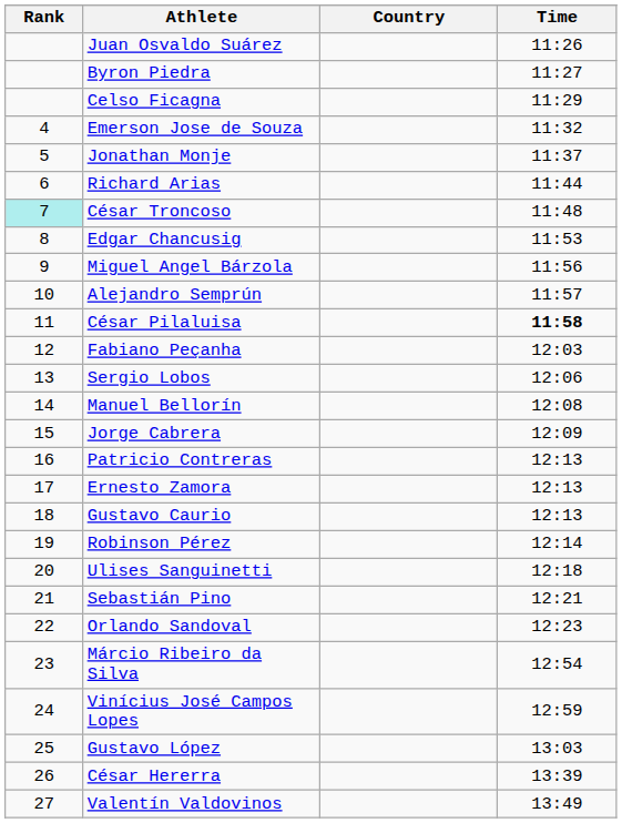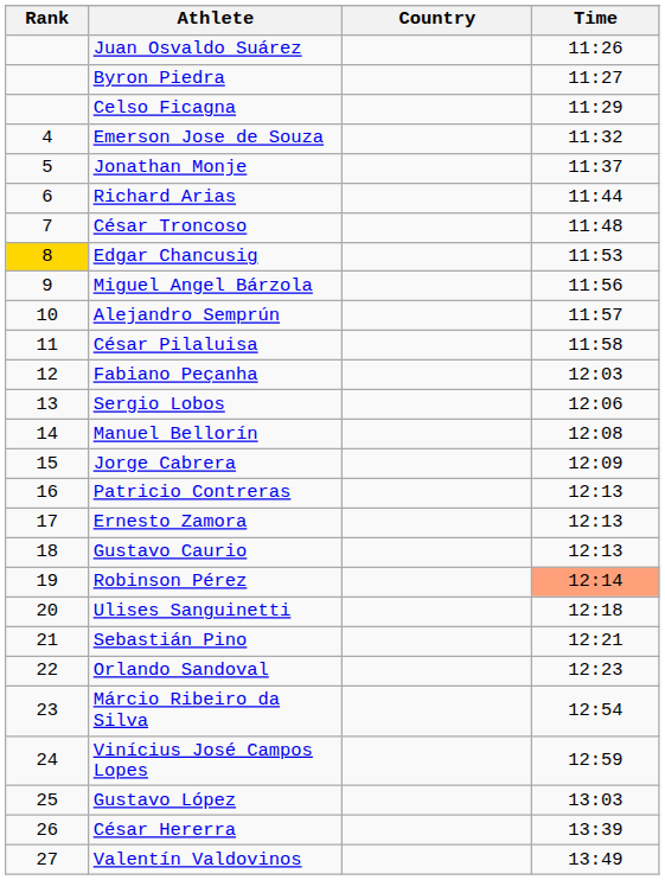 <table class="wikitable sortable" style=" text-align:center; font-size:95%;" width="50%">
 <tr>
 </tr>
 <tr>
 <th width=5%>Rank</th>
 <th width=20%>Athlete</th>
 <th width=15%>Country</th>
 <th width=10%>Time</th>
 </tr>
 <tr>
 <td align=center></td>
 <td align=left><a href='#'>Juan Osvaldo Suárez</a></td>
 <td align=left></td>
 <td>11:26</td>
 </tr>
 <tr>
 <td align=center></td>
 <td align=left><a href='#'>Byron Piedra</a></td>
 <td align=left></td>
 <td>11:27</td>
 </tr>
 <tr>
 <td align=center></td>
 <td align=left><a href='#'>Celso Ficagna</a></td>
 <td align=left></td>
 <td>11:29</td>
 </tr>
 <tr>
 <td align=center>4</td>
 <td align=left><a href='#'>Emerson Jose de Souza</a></td>
 <td align=left></td>
 <td>11:32</td>
 </tr>
 <tr>
 <td align=center>5</td>
 <td align=left><a href='#'>Jonathan Monje</a></td>
 <td align=left></td>
 <td>11:37</td>
 </tr>
 <tr>
 <td align=center>6</td>
 <td align=left><a href='#'>Richard Arias</a></td>
 <td align=left></td>
 <td>11:44</td>
 </tr>
 <tr>
-<td align=center style="background: paleturquoise;">7</td>
+<td align=center>7</td>
 <td align=left><a href='#'>César Troncoso</a></td>
 <td align=left></td>
 <td>11:48</td>
 </tr>
 <tr>
-<td align=center>8</td>
+<td align=center style="background: gold;">8</td>
 <td align=left><a href='#'>Edgar Chancusig</a></td>
 <td align=left></td>
 <td>11:53</td>
 </tr>
 <tr>
 <td align=center>9</td>
 <td align=left><a href='#'>Miguel Angel Bárzola</a></td>
 <td align=left></td>
 <td>11:56</td>
 </tr>
 <tr>
 <td align=center>10</td>
 <td align=left><a href='#'>Alejandro Semprún</a></td>
 <td align=left></td>
 <td>11:57</td>
 </tr>
 <tr>
 <td align=center>11</td>
 <td align=left><a href='#'>César Pilaluisa</a></td>
 <td align=left></td>
-<td><strong>11:58</strong></td>
+<td>11:58</td>
 </tr>
 <tr>
 <td align=center>12</td>
 <td align=left><a href='#'>Fabiano Peçanha</a></td>
 <td align=left></td>
 <td>12:03</td>
 </tr>
 <tr>
 <td align=center>13</td>
 <td align=left><a href='#'>Sergio Lobos</a></td>
 <td align=left></td>
 <td>12:06</td>
 </tr>
 <tr>
 <td align=center>14</td>
 <td align=left><a href='#'>Manuel Bellorín</a></td>
 <td align=left></td>
 <td>12:08</td>
 </tr>
 <tr>
 <td align=center>15</td>
 <td align=left><a href='#'>Jorge Cabrera</a></td>
 <td align=left></td>
 <td>12:09</td>
 </tr>
 <tr>
 <td align=center>16</td>
 <td align=left><a href='#'>Patricio Contreras</a></td>
 <td align=left></td>
 <td>12:13</td>
 </tr>
 <tr>
 <td align=center>17</td>
 <td align=left><a href='#'>Ernesto Zamora</a></td>
 <td align=left></td>
 <td>12:13</td>
 </tr>
 <tr>
 <td align=center>18</td>
 <td align=left><a href='#'>Gustavo Caurio</a></td>
 <td align=left></td>
 <td>12:13</td>
 </tr>
 <tr>
 <td align=center>19</td>
 <td align=left><a href='#'>Robinson Pérez</a></td>
 <td align=left></td>
-<td>12:14</td>
+<td style="background: lightsalmon;">12:14</td>
 </tr>
 <tr>
 <td align=center>20</td>
 <td align=left><a href='#'>Ulises Sanguinetti</a></td>
 <td align=left></td>
 <td>12:18</td>
 </tr>
 <tr>
 <td align=center>21</td>
 <td align=left><a href='#'>Sebastián Pino</a></td>
 <td align=left></td>
 <td>12:21</td>
 </tr>
 <tr>
 <td align=center>22</td>
 <td align=left><a href='#'>Orlando Sandoval</a></td>
 <td align=left></td>
 <td>12:23</td>
 </tr>
 <tr>
 <td align=center>23</td>
 <td align=left><a href='#'>Márcio Ribeiro da Silva</a></td>
 <td align=left></td>
 <td>12:54</td>
 </tr>
 <tr>
 <td align=center>24</td>
 <td align=left><a href='#'>Vinícius José Campos Lopes</a></td>
 <td align=left></td>
 <td>12:59</td>
 </tr>
 <tr>
 <td align=center>25</td>
 <td align=left><a href='#'>Gustavo López</a></td>
 <td align=left></td>
 <td>13:03</td>
 </tr>
 <tr>
 <td align=center>26</td>
 <td align=left><a href='#'>César Hererra</a></td>
 <td align=left></td>
 <td>13:39</td>
 </tr>
 <tr>
 <td align=center>27</td>
 <td align=left><a href='#'>Valentín Valdovinos</a></td>
 <td align=left></td>
 <td>13:49</td>
 </tr>
 </table>
